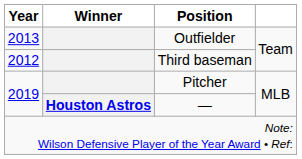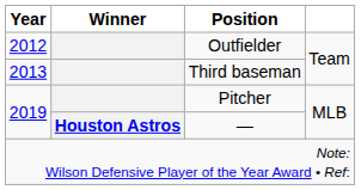 <table class="wikitable sortable" style="font-size: 90%; text-align:center">
 <tr>
 <th scope="col" style="background-color:#ffffff; border-top:#">Year</th>
 <th scope="col" style="background-color:#ffffff; border-top:#">Winner</th>
 <th scope="col" style="background-color:#ffffff; border-top:#">Position</th>
 <th scope="col" style="background-color:#ffffff; border-top:#"></th>
 </tr>
 <tr>
-<td><a href='#'>2013</a></td>
+<td><a href='#'>2012</a></td>
 <th scope="row" style="text-align:left"><strong></strong></th>
 <td>Outfielder</td>
 <td rowspan="2">Team</td>
 </tr>
 <tr>
-<td><a href='#'>2012</a></td>
+<td><a href='#'>2013</a></td>
 <th scope="row" style="text-align:center"><strong></strong></th>
 <td>Third baseman</td>
 </tr>
 <tr>
 <td rowspan="2"><a href='#'>2019</a></td>
 <th scope="row" style="text-align:center"></th>
 <td>Pitcher</td>
 <td rowspan="2">MLB</td>
 </tr>
 <tr>
 <th scope="row" style="text-align:center"><a href='#'>Houston Astros</a></th>
 <td>—</td>
 </tr>
 <tr class="sortbottom">
 <td style="text-align:right"; colspan="4"><small><em>Note:</em> <br><a href='#'>Wilson Defensive Player of the Year Award</a> • <em>Ref</em>:</small></td>
 </tr>
 </table>
